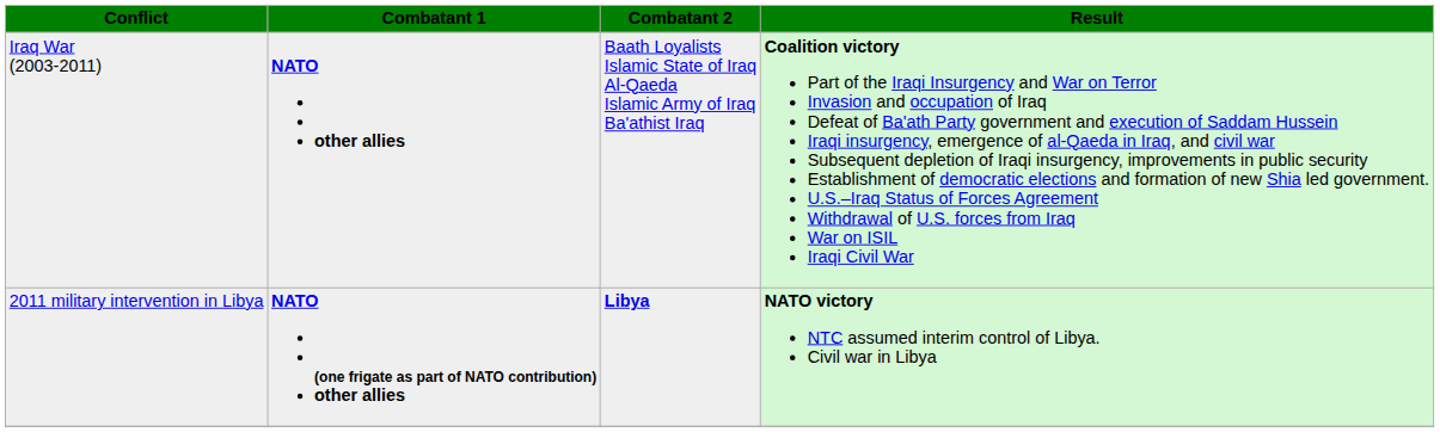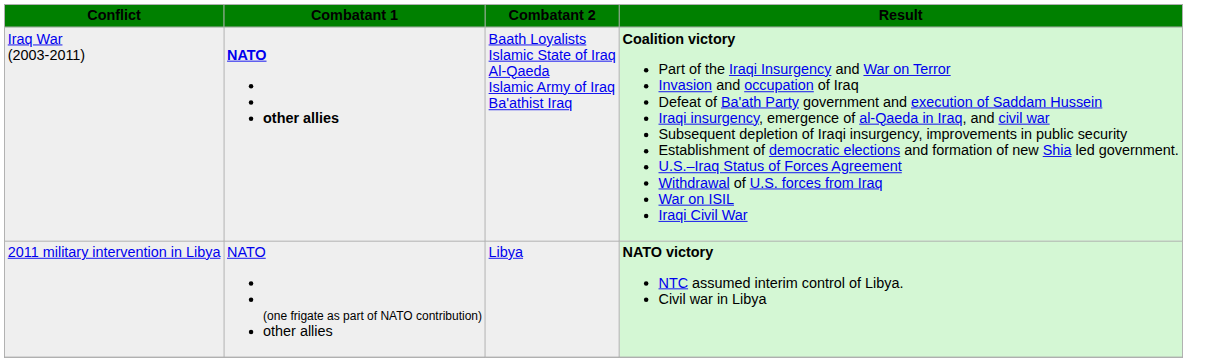 <table class="wikitable">
 <tr>
 <th style="background-color:green;" rowspan="1"><span>Conflict</span></th>
 <th style="background-color:green;" rowspan="1"><span>Combatant 1</span></th>
 <th style="background-color:green;" rowspan="1"><span>Combatant 2</span></th>
 <th style="background-color:green;" rowspan="1"><span>Result</span></th>
 </tr>
 <tr valign="top">
 <td style="background:#efefef"><a href='#'>Iraq War</a><br>(2003-2011)</td>
 <td style="background:#efefef"><strong><br>  <a href='#'>NATO</a><br><ul><li></li><li></li><li>other allies</li></ul></strong></td>
 <td style="background:#efefef"> <a href='#'>Baath Loyalists</a><br> <a href='#'>Islamic State of Iraq</a><br> <a href='#'>Al-Qaeda</a><br> <a href='#'>Islamic Army of Iraq</a><br> <a href='#'>Ba'athist Iraq</a></td>
 <td style="background:#D4F7D4"><strong>Coalition victory</strong><br><ul><li>Part of the <a href='#'>Iraqi Insurgency</a> and <a href='#'>War on Terror</a></li><li><a href='#'>Invasion</a> and <a href='#'>occupation</a> of Iraq</li><li>Defeat of <a href='#'>Ba'ath Party</a> government and <a href='#'>execution of Saddam Hussein</a></li><li><a href='#'>Iraqi insurgency</a>, emergence of <a href='#'>al-Qaeda in Iraq</a>, and <a href='#'>civil war</a></li><li>Subsequent depletion of Iraqi insurgency, improvements in public security</li><li>Establishment of <a href='#'>democratic elections</a> and formation of new <a href='#'>Shia</a> led government.</li><li><a href='#'>U.S.–Iraq Status of Forces Agreement</a></li><li><a href='#'>Withdrawal</a> of <a href='#'>U.S. forces from Iraq</a></li><li><a href='#'>War on ISIL</a></li><li><a href='#'>Iraqi Civil War</a></li></ul></td>
 </tr>
 <tr valign="top">
 <td style="background:#efefef"><a href='#'>2011 military intervention in Libya</a></td>
-<td style="background:#efefef"><strong> <a href='#'>NATO</a><br><ul><li></li><li><br><small>(one frigate as part of NATO contribution)</small></li><li>other allies</li></ul></strong></td>
-<td style="background:#efefef"><strong> <a href='#'>Libya</a></strong></td>
+<td style="background:#efefef"> <a href='#'>NATO</a><br><ul><li></li><li><br><small>(one frigate as part of NATO contribution)</small></li><li>other allies</li></ul></td>
+<td style="background:#efefef"> <a href='#'>Libya</a></td>
 <td style="background:#D4F7D4"><strong>NATO victory</strong><br><ul><li><a href='#'>NTC</a> assumed interim control of Libya.</li><li>Civil war in Libya</li></ul></td>
 </tr>
 <tr>
 </tr>
 </table>
